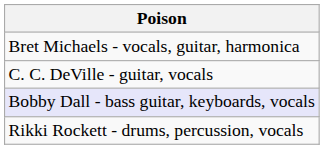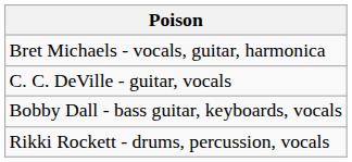 <table class="wikitable">
 <tr>
 <th>Poison</th>
 </tr>
 <tr>
 <td>Bret Michaels - vocals, guitar, harmonica</td>
 </tr>
 <tr>
 <td>C. C. DeVille - guitar, vocals</td>
 </tr>
 <tr>
-<td style="background: lavender;">Bobby Dall - bass guitar, keyboards, vocals</td>
+<td>Bobby Dall - bass guitar, keyboards, vocals</td>
 </tr>
 <tr>
 <td>Rikki Rockett - drums, percussion, vocals</td>
 </tr>
 </table>
